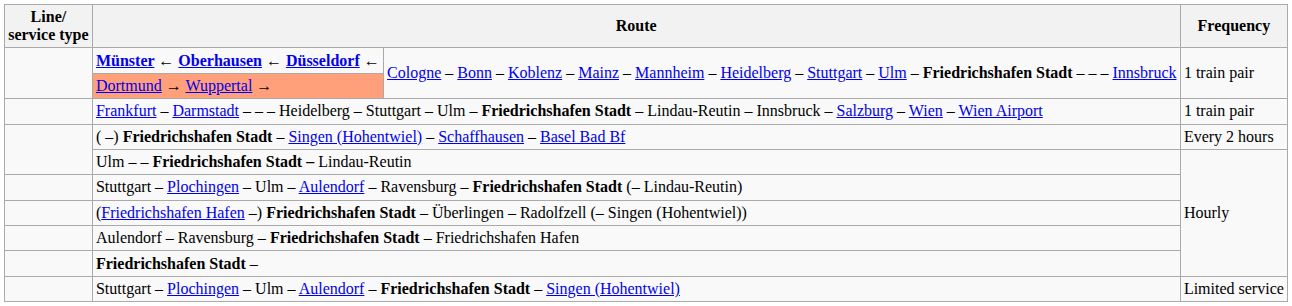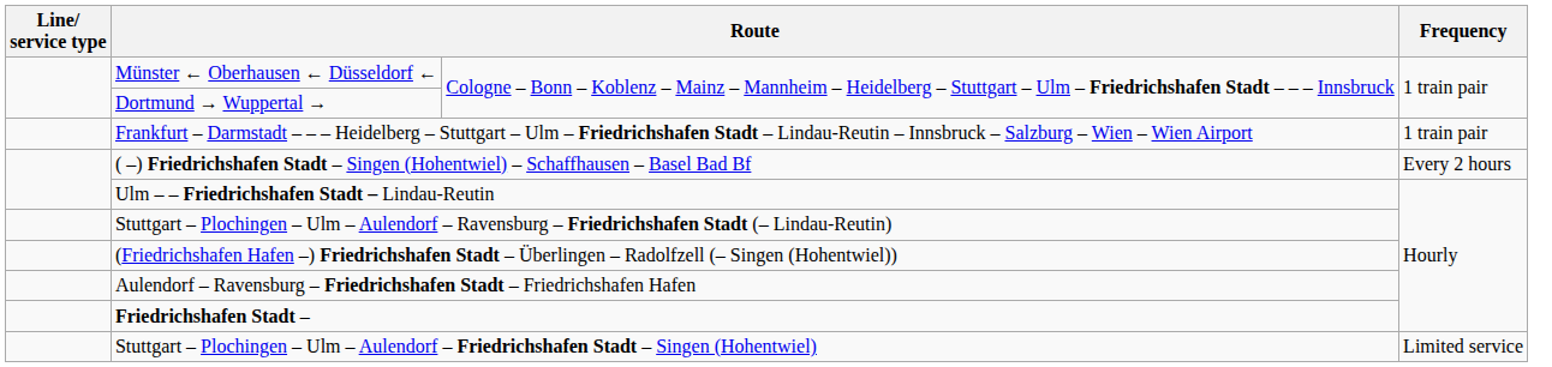 <table class="wikitable">
 <tr class="hintergrundfarbe6">
 <th>Line/<br>service type</th>
 <th colspan=2>Route</th>
 <th>Frequency</th>
 </tr>
 <tr>
 <td rowspan=2 align="center"></td>
-<td><strong><a href='#'>Münster</a> ← <a href='#'>Oberhausen</a> ← <a href='#'>Düsseldorf</a> ←</strong></td>
+<td><a href='#'>Münster</a> ← <a href='#'>Oberhausen</a> ← <a href='#'>Düsseldorf</a> ←</td>
 <td rowspan="2"><a href='#'>Cologne</a> – <a href='#'>Bonn</a> – <a href='#'>Koblenz</a> – <a href='#'>Mainz</a> – <a href='#'>Mannheim</a> – <a href='#'>Heidelberg</a> – <a href='#'>Stuttgart</a> – <a href='#'>Ulm</a> – <strong>Friedrichshafen Stadt</strong> –  –  –  <a href='#'>Innsbruck</a></td>
 <td rowspan="2">1 train pair</td>
 </tr>
 <tr>
-<td style="background: lightsalmon;"><a href='#'>Dortmund</a> → <a href='#'>Wuppertal</a> →</td>
+<td><a href='#'>Dortmund</a> → <a href='#'>Wuppertal</a> →</td>
 </tr>
 <tr>
 <td align="center"></td>
 <td colspan=2><a href='#'>Frankfurt</a> – <a href='#'>Darmstadt</a> –  –  – Heidelberg – Stuttgart – Ulm – <strong>Friedrichshafen Stadt</strong> – Lindau-Reutin – Innsbruck – <a href='#'>Salzburg</a> – <a href='#'>Wien</a> – <a href='#'>Wien Airport</a></td>
 <td>1 train pair</td>
 </tr>
 <tr>
 <td rowspan="2" align="center"></td>
 <td colspan=2>( –) <strong>Friedrichshafen Stadt</strong> – <a href='#'>Singen (Hohentwiel)</a> – <a href='#'>Schaffhausen</a> – <a href='#'>Basel Bad Bf</a></td>
 <td>Every 2 hours</td>
 </tr>
 <tr>
 <td colspan=2>Ulm –   – <strong>Friedrichshafen Stadt –</strong> Lindau-Reutin</td>
 <td rowspan=5>Hourly</td>
 </tr>
 <tr>
 <td align="center"></td>
 <td colspan=2>Stuttgart – <a href='#'>Plochingen</a> – Ulm – <a href='#'>Aulendorf</a> – Ravensburg – <strong>Friedrichshafen Stadt</strong> (– Lindau-Reutin)</td>
 </tr>
 <tr>
 <td align="center"></td>
 <td colspan=2>(<a href='#'>Friedrichshafen Hafen</a> –) <strong>Friedrichshafen Stadt</strong> – Überlingen – Radolfzell (– Singen (Hohentwiel))</td>
 </tr>
 <tr>
 <td align="center"></td>
 <td colspan=2>Aulendorf – Ravensburg – <strong>Friedrichshafen Stadt</strong> – Friedrichshafen Hafen</td>
 </tr>
 <tr>
 <td align="center"></td>
 <td colspan=2><strong>Friedrichshafen Stadt</strong> – </td>
 </tr>
 <tr>
 <td align="center"></td>
 <td colspan=2>Stuttgart – <a href='#'>Plochingen</a> – Ulm – <a href='#'>Aulendorf</a> – <strong>Friedrichshafen Stadt</strong> – <a href='#'>Singen (Hohentwiel)</a></td>
 <td>Limited service</td>
 </tr>
 </table>
